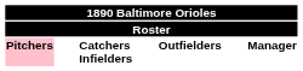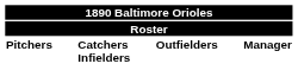 <table class="toccolours" style="font-size: 95%;">
 <tr>
 <th colspan="10" style="background-color: black; color: white; text-align: center;">1890 Baltimore Orioles</th>
 </tr>
 <tr>
 <td colspan="10" style="background-color: black; color: white; text-align: center;"><strong>Roster</strong></td>
 </tr>
 <tr>
-<td valign="top" style="background: pink;"><strong>Pitchers</strong><br>    </td>
+<td valign="top"><strong>Pitchers</strong><br>    </td>
 <td width="25px"></td>
 <td valign="top"><strong>Catchers</strong><br>   <strong>Infielders</strong>     </td>
 <td width="25px"></td>
 <td valign="top"><strong>Outfielders</strong><br>    </td>
 <td width="25px"></td>
 <td valign="top"><strong>Manager</strong><br></td>
 </tr>
 </table>
